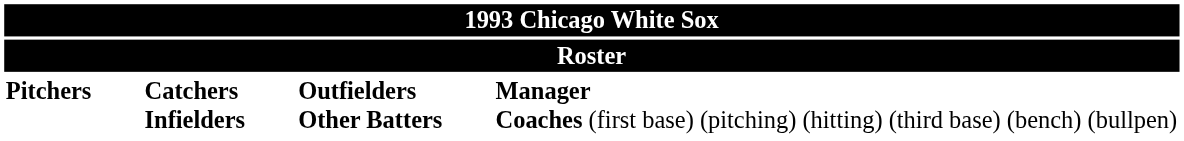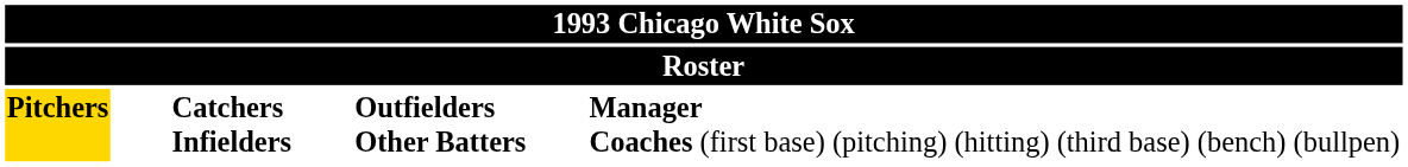 <table class="toccolours" style="font-size: 95%;">
 <tr>
 <th colspan="10" style="background-color: black; color: #FFFFFF; text-align: center;">1993 Chicago White Sox</th>
 </tr>
 <tr>
 <td colspan="10" style="background-color:black; color: white; text-align: center;"><strong>Roster</strong></td>
 </tr>
 <tr>
-<td valign="top"><strong>Pitchers</strong><br>                   </td>
+<td valign="top" style="background: gold;"><strong>Pitchers</strong><br>                   </td>
 <td width="25px"></td>
 <td valign="top"><strong>Catchers</strong><br>     <strong>Infielders</strong>       </td>
 <td width="25px"></td>
 <td valign="top"><strong>Outfielders</strong><br>         <strong>Other Batters</strong>  </td>
 <td width="25px"></td>
 <td valign="top"><strong>Manager</strong><br> <strong>Coaches</strong> (first base) (pitching) (hitting) (third base) (bench) (bullpen)</td>
 </tr>
 </table>
